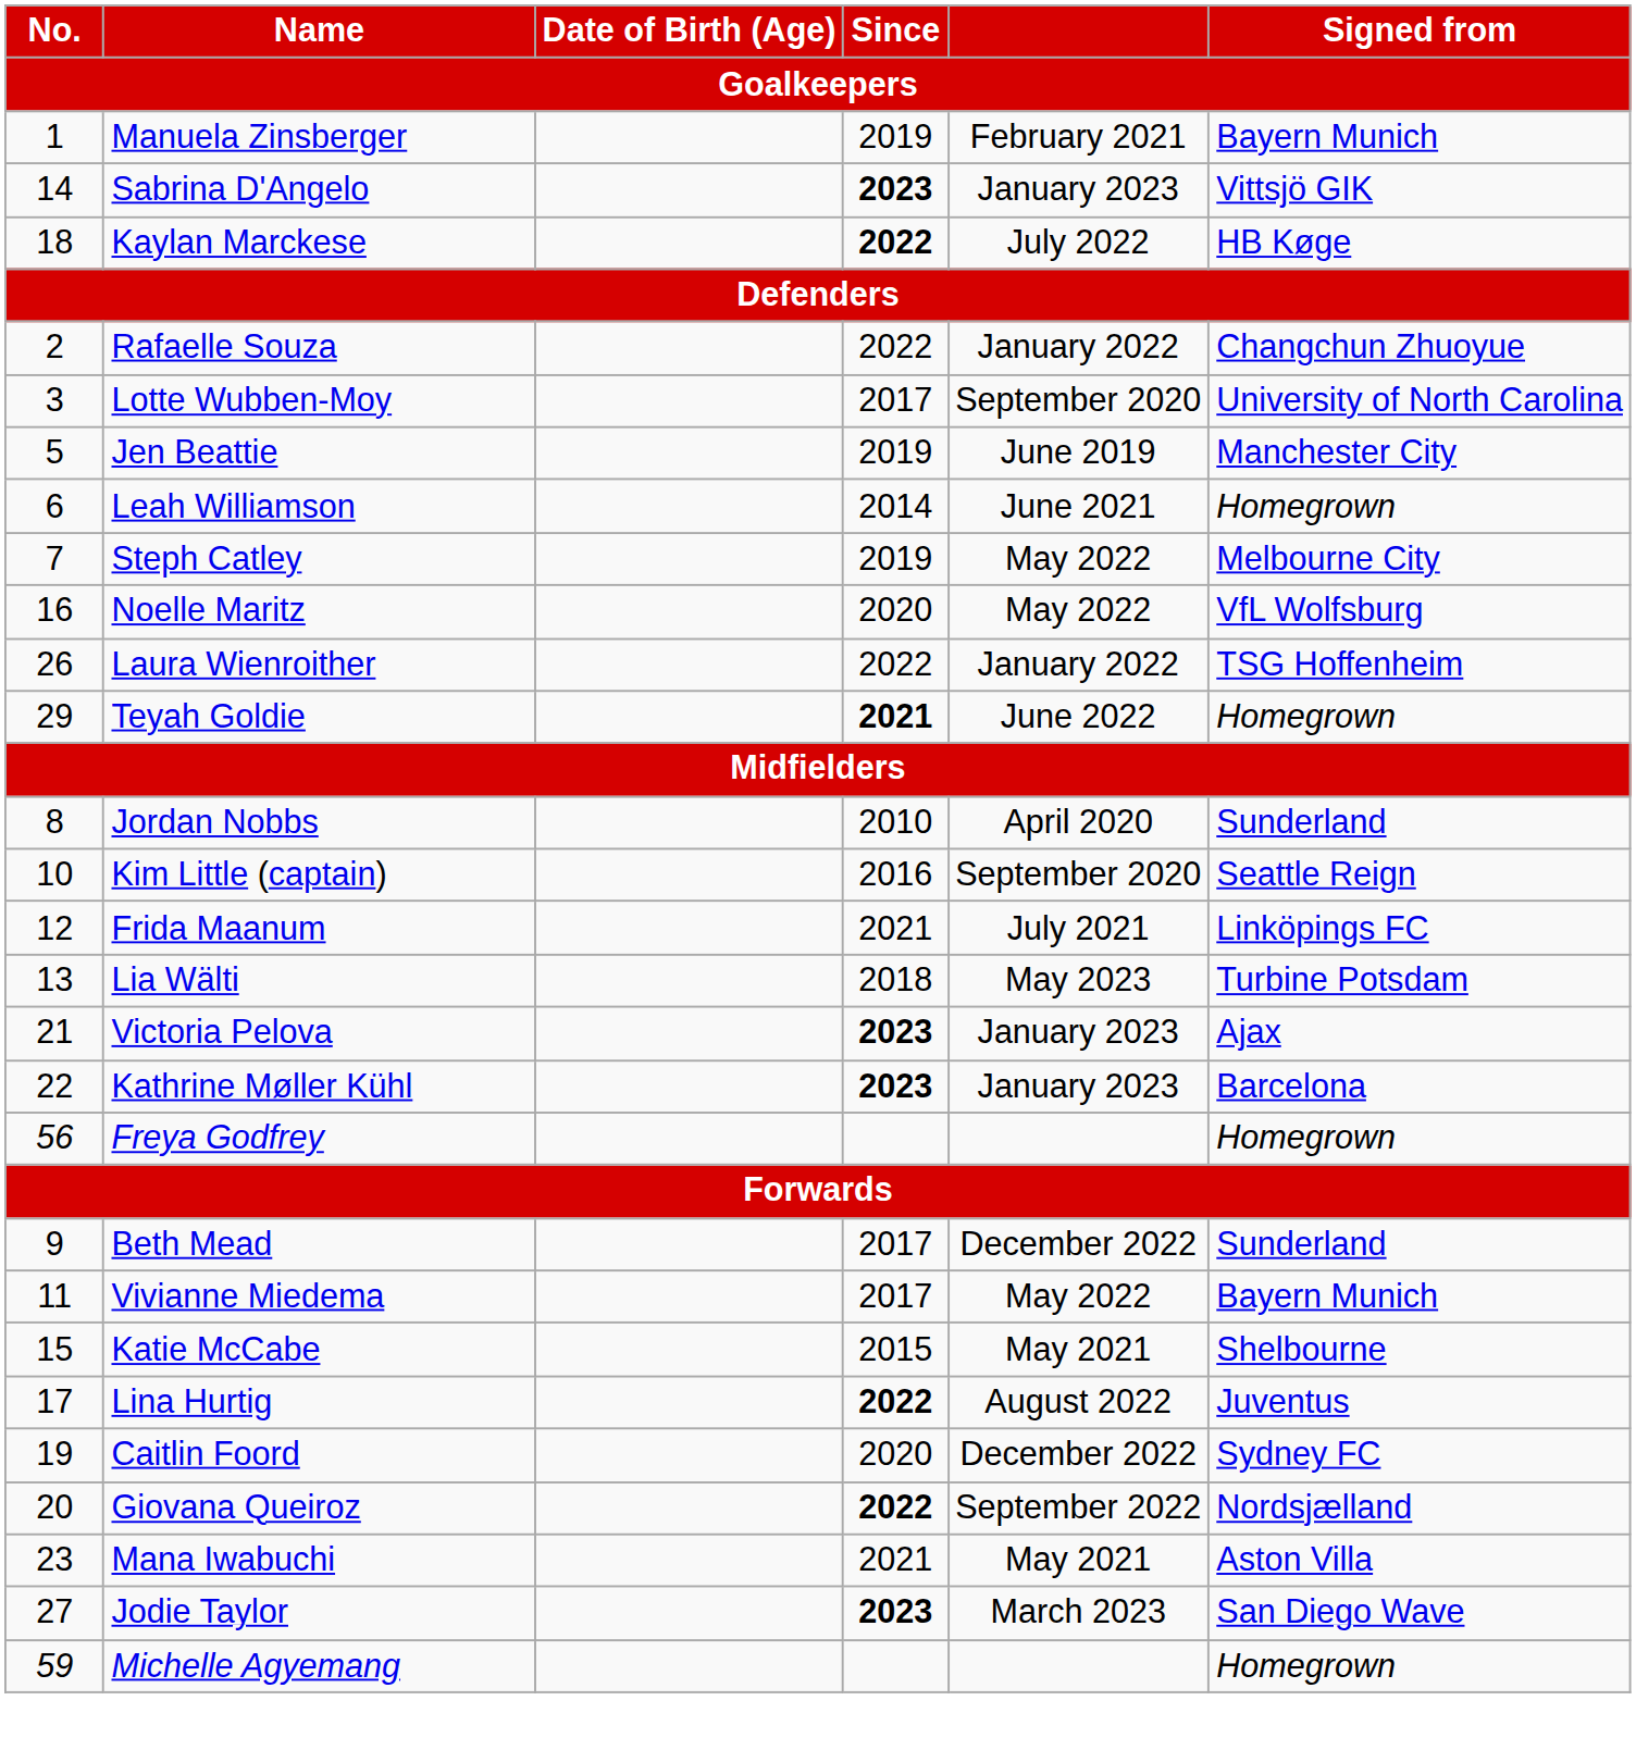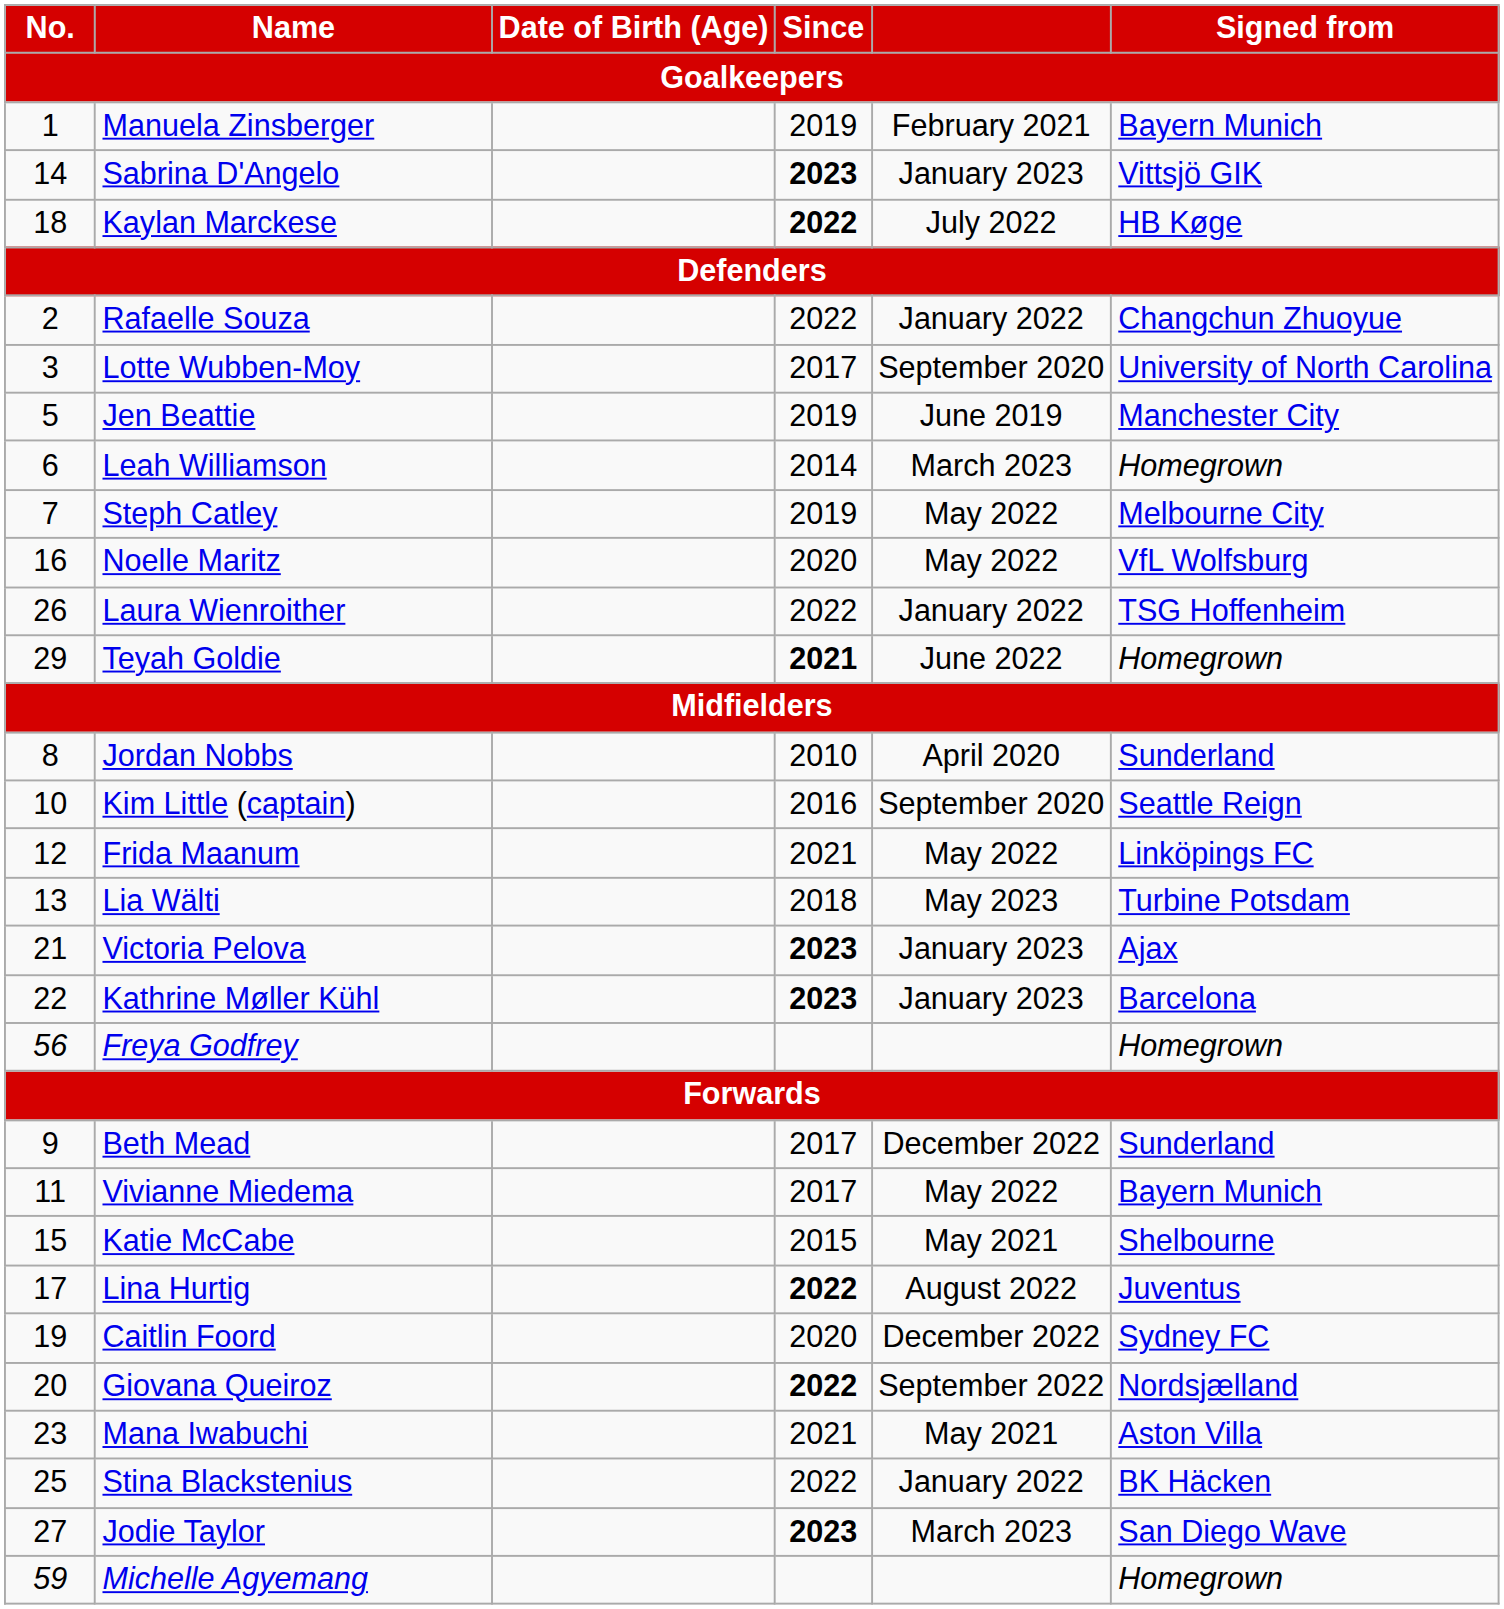 <table class="wikitable" style="text-align:center; font-size:100%; ">
 <tr>
 <th style="background:#d50000; color:white; text-align:center; width:40px;">No.</th>
 <th style="background:#d50000; color:white; text-align:center; width:200px;">Name</th>
 <th style="background:#d50000; color:white; text-align:center;">Date of Birth (Age)</th>
 <th style="background:#d50000; color:white; text-align:center;">Since</th>
 <th style="background:#d50000; color:white; text-align:center;"></th>
 <th style="background:#d50000; color:white; text-align:center;">Signed from</th>
 </tr>
 <tr>
 <th colspan="6" style="background:#d50000; color:white; text-align:center;">Goalkeepers</th>
 </tr>
 <tr>
 <td>1</td>
 <td align="left"> <a href='#'>Manuela Zinsberger</a></td>
 <td></td>
 <td>2019</td>
 <td>February 2021</td>
 <td align="left"> <a href='#'>Bayern Munich</a></td>
 </tr>
 <tr>
 <td>14</td>
 <td align="left"> <a href='#'>Sabrina D'Angelo</a></td>
 <td></td>
 <td><strong>2023</strong></td>
 <td>January 2023</td>
 <td align="left"> <a href='#'>Vittsjö GIK</a></td>
 </tr>
 <tr>
 <td>18</td>
 <td align="left"> <a href='#'>Kaylan Marckese</a></td>
 <td></td>
 <td><strong>2022</strong></td>
 <td>July 2022</td>
 <td align="left"> <a href='#'>HB Køge</a></td>
 </tr>
 <tr>
 <th colspan="6" style="background:#d50000; color:white; text-align:center;">Defenders</th>
 </tr>
 <tr>
 <td>2</td>
 <td align="left"> <a href='#'>Rafaelle Souza</a></td>
 <td></td>
 <td>2022</td>
 <td>January 2022</td>
 <td align="left"> <a href='#'>Changchun Zhuoyue</a></td>
 </tr>
 <tr>
 <td>3</td>
 <td align="left"> <a href='#'>Lotte Wubben-Moy</a></td>
 <td></td>
 <td>2017</td>
 <td>September 2020</td>
 <td align="left"> <a href='#'>University of North Carolina</a></td>
 </tr>
 <tr>
 <td>5</td>
 <td align="left"> <a href='#'>Jen Beattie</a></td>
 <td></td>
 <td>2019</td>
 <td>June 2019</td>
 <td align="left"> <a href='#'>Manchester City</a></td>
 </tr>
 <tr>
 <td>6</td>
 <td align="left"> <a href='#'>Leah Williamson</a></td>
 <td></td>
 <td>2014</td>
-<td>June 2021</td>
+<td>March 2023</td>
 <td align="left"><em>Homegrown</em></td>
 </tr>
 <tr>
 <td>7</td>
 <td align="left"> <a href='#'>Steph Catley</a></td>
 <td></td>
 <td>2019</td>
 <td>May 2022</td>
 <td align="left"> <a href='#'>Melbourne City</a></td>
 </tr>
 <tr>
 <td>16</td>
 <td align="left"> <a href='#'>Noelle Maritz</a></td>
 <td></td>
 <td>2020</td>
 <td>May 2022</td>
 <td align="left"> <a href='#'>VfL Wolfsburg</a></td>
 </tr>
 <tr>
 <td>26</td>
 <td align="left"> <a href='#'>Laura Wienroither</a></td>
 <td></td>
 <td>2022</td>
 <td>January 2022</td>
 <td align="left"> <a href='#'>TSG Hoffenheim</a></td>
 </tr>
 <tr>
 <td>29</td>
 <td align="left"> <a href='#'>Teyah Goldie</a></td>
 <td></td>
 <td><strong>2021</strong></td>
 <td>June 2022</td>
 <td align="left"><em>Homegrown</em></td>
 </tr>
 <tr>
 <th colspan="6" style="background:#d50000; color:white; text-align:center;">Midfielders</th>
 </tr>
 <tr>
 <td>8</td>
 <td align="left"> <a href='#'>Jordan Nobbs</a></td>
 <td></td>
 <td>2010</td>
 <td>April 2020</td>
 <td align="left"> <a href='#'>Sunderland</a></td>
 </tr>
 <tr>
 <td>10</td>
 <td align="left"> <a href='#'>Kim Little</a> (<a href='#'>captain</a>)</td>
 <td></td>
 <td>2016</td>
 <td>September 2020</td>
 <td align="left"> <a href='#'>Seattle Reign</a></td>
 </tr>
 <tr>
 <td>12</td>
 <td align="left"> <a href='#'>Frida Maanum</a></td>
 <td></td>
 <td>2021</td>
-<td>July 2021</td>
+<td>May 2022</td>
 <td align="left"> <a href='#'>Linköpings FC</a></td>
 </tr>
 <tr>
 <td>13</td>
 <td align="left"> <a href='#'>Lia Wälti</a></td>
 <td></td>
 <td>2018</td>
 <td>May 2023</td>
 <td align="left"> <a href='#'>Turbine Potsdam</a></td>
 </tr>
 <tr>
 <td>21</td>
 <td align="left"> <a href='#'>Victoria Pelova</a></td>
 <td></td>
 <td><strong>2023</strong></td>
 <td>January 2023</td>
 <td align="left"> <a href='#'>Ajax</a></td>
 </tr>
 <tr>
 <td>22</td>
 <td align="left"> <a href='#'>Kathrine Møller Kühl</a></td>
 <td></td>
 <td><strong>2023</strong></td>
 <td>January 2023</td>
 <td align="left"> <a href='#'>Barcelona</a></td>
 </tr>
 <tr>
 <td><em>56</em></td>
 <td align="left"><em> <a href='#'>Freya Godfrey</a></em></td>
 <td><em></em></td>
 <td></td>
 <td></td>
 <td align="left"><em>Homegrown</em></td>
 </tr>
 <tr>
 <th colspan="6" style="background:#d50000; color:white; text-align:center;">Forwards</th>
 </tr>
 <tr>
 <td>9</td>
 <td align="left"> <a href='#'>Beth Mead</a></td>
 <td></td>
 <td>2017</td>
 <td>December 2022</td>
 <td align="left"> <a href='#'>Sunderland</a></td>
 </tr>
 <tr>
 <td>11</td>
 <td align="left"> <a href='#'>Vivianne Miedema</a></td>
 <td></td>
 <td>2017</td>
 <td>May 2022</td>
 <td align="left"> <a href='#'>Bayern Munich</a></td>
 </tr>
 <tr>
 <td>15</td>
 <td align="left"> <a href='#'>Katie McCabe</a></td>
 <td></td>
 <td>2015</td>
 <td>May 2021</td>
 <td align="left"> <a href='#'>Shelbourne</a></td>
 </tr>
 <tr>
 <td>17</td>
 <td align="left"> <a href='#'>Lina Hurtig</a></td>
 <td></td>
 <td><strong>2022</strong></td>
 <td>August 2022</td>
 <td align="left"> <a href='#'>Juventus</a></td>
 </tr>
 <tr>
 <td>19</td>
 <td align="left"> <a href='#'>Caitlin Foord</a></td>
 <td></td>
 <td>2020</td>
 <td>December 2022</td>
 <td align="left"> <a href='#'>Sydney FC</a></td>
 </tr>
 <tr>
 <td>20</td>
 <td align="left"> <a href='#'>Giovana Queiroz</a></td>
 <td></td>
 <td><strong>2022</strong></td>
 <td>September 2022</td>
 <td align="left"> <a href='#'>Nordsjælland</a></td>
 </tr>
 <tr>
 <td>23</td>
 <td align="left"> <a href='#'>Mana Iwabuchi</a></td>
 <td></td>
 <td>2021</td>
 <td>May 2021</td>
 <td align="left"> <a href='#'>Aston Villa</a></td>
 </tr>
 <tr>
+<td>25</td>
+<td align="left"> <a href='#'>Stina Blackstenius</a></td>
+<td></td>
+<td>2022</td>
+<td>January 2022</td>
+<td align="left"> <a href='#'>BK Häcken</a></td>
+</tr>
+<tr>
 <td>27</td>
 <td align="left"> <a href='#'>Jodie Taylor</a></td>
 <td></td>
 <td><strong>2023</strong></td>
 <td>March 2023</td>
 <td align="left"> <a href='#'>San Diego Wave</a></td>
 </tr>
 <tr>
 <td><em>59</em></td>
 <td align="left"><em> <a href='#'>Michelle Agyemang</a></em></td>
 <td><em></em></td>
 <td></td>
 <td></td>
 <td align="left"><em>Homegrown</em></td>
 </tr>
 </table>
